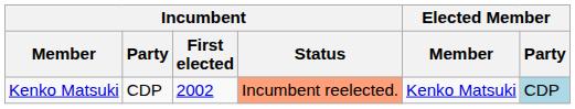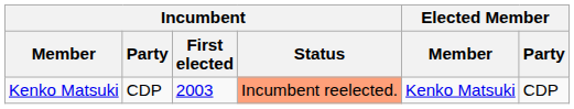 <table class="wikitable sortable">
 <tr>
 <th colspan=4>Incumbent</th>
 <th colspan=2>Elected Member</th>
 </tr>
 <tr>
 <th>Member</th>
 <th>Party</th>
 <th>First<br>elected</th>
 <th>Status</th>
 <th>Member</th>
 <th>Party</th>
 </tr>
 <tr>
 <td><a href='#'>Kenko Matsuki</a></td>
 <td>CDP</td>
-<td><a href='#'>2002</a></td>
+<td><a href='#'>2003</a></td>
 <td style="background: lightsalmon;">Incumbent reelected.</td>
 <td><a href='#'>Kenko Matsuki</a></td>
-<td style="background: lightblue;">CDP</td>
+<td>CDP</td>
 </tr>
 </table>
